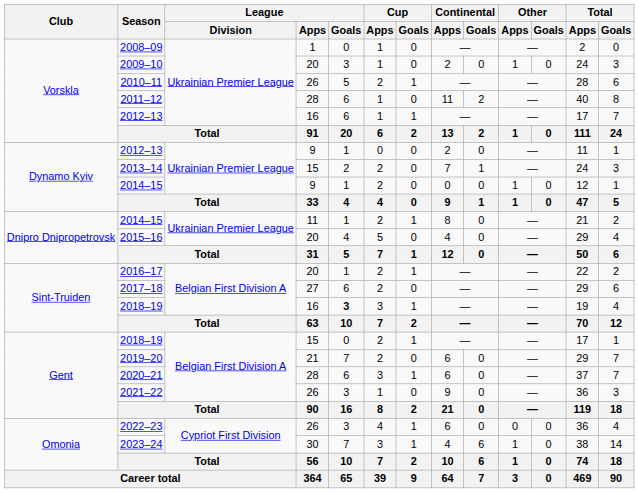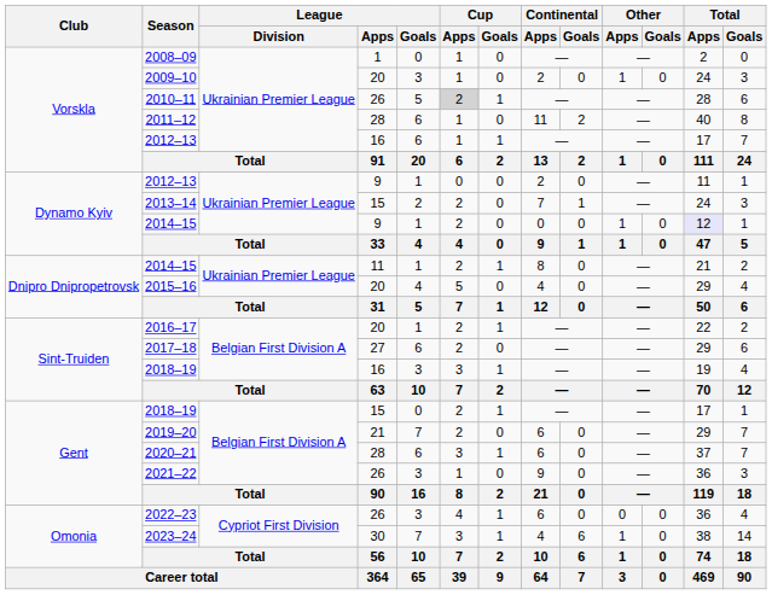 <table class="wikitable" style="text-align: center">
 <tr>
 <th rowspan="2">Club</th>
 <th rowspan="2">Season</th>
 <th colspan="3">League</th>
 <th colspan="2">Cup</th>
 <th colspan="2">Continental</th>
 <th colspan="2">Other</th>
 <th colspan="2">Total</th>
 </tr>
 <tr>
 <th>Division</th>
 <th>Apps</th>
 <th>Goals</th>
 <th>Apps</th>
 <th>Goals</th>
 <th>Apps</th>
 <th>Goals</th>
 <th>Apps</th>
 <th>Goals</th>
 <th>Apps</th>
 <th>Goals</th>
 </tr>
 <tr>
 <td rowspan="6"><a href='#'>Vorskla</a></td>
 <td><a href='#'>2008–09</a></td>
 <td rowspan="5"><a href='#'>Ukrainian Premier League</a></td>
 <td>1</td>
 <td>0</td>
 <td>1</td>
 <td>0</td>
 <td colspan=2>—</td>
 <td colspan=2>—</td>
 <td>2</td>
 <td>0</td>
 </tr>
 <tr>
 <td><a href='#'>2009–10</a></td>
 <td>20</td>
 <td>3</td>
 <td>1</td>
 <td>0</td>
 <td>2</td>
 <td>0</td>
 <td>1</td>
 <td>0</td>
 <td>24</td>
 <td>3</td>
 </tr>
 <tr>
 <td><a href='#'>2010–11</a></td>
 <td>26</td>
 <td>5</td>
-<td>2</td>
+<td style="background: lightgrey;">2</td>
 <td>1</td>
 <td colspan=2>—</td>
 <td colspan=2>—</td>
 <td>28</td>
 <td>6</td>
 </tr>
 <tr>
 <td><a href='#'>2011–12</a></td>
 <td>28</td>
 <td>6</td>
 <td>1</td>
 <td>0</td>
 <td>11</td>
 <td>2</td>
 <td colspan=2>—</td>
 <td>40</td>
 <td>8</td>
 </tr>
 <tr>
 <td><a href='#'>2012–13</a></td>
 <td>16</td>
 <td>6</td>
 <td>1</td>
 <td>1</td>
 <td colspan=2>—</td>
 <td colspan=2>—</td>
 <td>17</td>
 <td>7</td>
 </tr>
 <tr>
 <th colspan="2">Total</th>
 <th>91</th>
 <th>20</th>
 <th>6</th>
 <th>2</th>
 <th>13</th>
 <th>2</th>
 <th>1</th>
 <th>0</th>
 <th>111</th>
 <th>24</th>
 </tr>
 <tr>
 <td rowspan="4"><a href='#'>Dynamo Kyiv</a></td>
 <td><a href='#'>2012–13</a></td>
 <td rowspan="3"><a href='#'>Ukrainian Premier League</a></td>
 <td>9</td>
 <td>1</td>
 <td>0</td>
 <td>0</td>
 <td>2</td>
 <td>0</td>
 <td colspan=2>—</td>
 <td>11</td>
 <td>1</td>
 </tr>
 <tr>
 <td><a href='#'>2013–14</a></td>
 <td>15</td>
 <td>2</td>
 <td>2</td>
 <td>0</td>
 <td>7</td>
 <td>1</td>
 <td colspan=2>—</td>
 <td>24</td>
 <td>3</td>
 </tr>
 <tr>
 <td><a href='#'>2014–15</a></td>
 <td>9</td>
 <td>1</td>
 <td>2</td>
 <td>0</td>
 <td>0</td>
 <td>0</td>
 <td>1</td>
 <td>0</td>
-<td>12</td>
+<td style="background: lavender;">12</td>
 <td>1</td>
 </tr>
 <tr>
 <th colspan="2">Total</th>
 <th>33</th>
 <th>4</th>
 <th>4</th>
 <th>0</th>
 <th>9</th>
 <th>1</th>
 <th>1</th>
 <th>0</th>
 <th>47</th>
 <th>5</th>
 </tr>
 <tr>
 <td rowspan="3"><a href='#'>Dnipro Dnipropetrovsk</a></td>
 <td><a href='#'>2014–15</a></td>
 <td rowspan="2"><a href='#'>Ukrainian Premier League</a></td>
 <td>11</td>
 <td>1</td>
 <td>2</td>
 <td>1</td>
 <td>8</td>
 <td>0</td>
 <td colspan=2>—</td>
 <td>21</td>
 <td>2</td>
 </tr>
 <tr>
 <td><a href='#'>2015–16</a></td>
 <td>20</td>
 <td>4</td>
 <td>5</td>
 <td>0</td>
 <td>4</td>
 <td>0</td>
 <td colspan=2>—</td>
 <td>29</td>
 <td>4</td>
 </tr>
 <tr>
 <th colspan="2">Total</th>
 <th>31</th>
 <th>5</th>
 <th>7</th>
 <th>1</th>
 <th>12</th>
 <th>0</th>
 <th colspan=2>—</th>
 <th>50</th>
 <th>6</th>
 </tr>
 <tr>
 <td rowspan="4"><a href='#'>Sint-Truiden</a></td>
 <td><a href='#'>2016–17</a></td>
 <td rowspan="3"><a href='#'>Belgian First Division A</a></td>
 <td>20</td>
 <td>1</td>
 <td>2</td>
 <td>1</td>
 <td colspan=2>—</td>
 <td colspan=2>—</td>
 <td>22</td>
 <td>2</td>
 </tr>
 <tr>
 <td><a href='#'>2017–18</a></td>
 <td>27</td>
 <td>6</td>
 <td>2</td>
 <td>0</td>
 <td colspan=2>—</td>
 <td colspan=2>—</td>
 <td>29</td>
 <td>6</td>
 </tr>
 <tr>
 <td><a href='#'>2018–19</a></td>
 <td>16</td>
-<td><strong>3</strong></td>
+<td>3</td>
 <td>3</td>
 <td>1</td>
 <td colspan=2>—</td>
 <td colspan=2>—</td>
 <td>19</td>
 <td>4</td>
 </tr>
 <tr>
 <th colspan="2">Total</th>
 <th>63</th>
 <th>10</th>
 <th>7</th>
 <th>2</th>
 <th colspan=2>—</th>
 <th colspan=2>—</th>
 <th>70</th>
 <th>12</th>
 </tr>
 <tr>
 <td rowspan="5"><a href='#'>Gent</a></td>
 <td><a href='#'>2018–19</a></td>
 <td rowspan="4"><a href='#'>Belgian First Division A</a></td>
 <td>15</td>
 <td>0</td>
 <td>2</td>
 <td>1</td>
 <td colspan=2>—</td>
 <td colspan=2>—</td>
 <td>17</td>
 <td>1</td>
 </tr>
 <tr>
 <td><a href='#'>2019–20</a></td>
 <td>21</td>
 <td>7</td>
 <td>2</td>
 <td>0</td>
 <td>6</td>
 <td>0</td>
 <td colspan=2>—</td>
 <td>29</td>
 <td>7</td>
 </tr>
 <tr>
 <td><a href='#'>2020–21</a></td>
 <td>28</td>
 <td>6</td>
 <td>3</td>
 <td>1</td>
 <td>6</td>
 <td>0</td>
 <td colspan=2>—</td>
 <td>37</td>
 <td>7</td>
 </tr>
 <tr>
 <td><a href='#'>2021–22</a></td>
 <td>26</td>
 <td>3</td>
 <td>1</td>
 <td>0</td>
 <td>9</td>
 <td>0</td>
 <td colspan=2>—</td>
 <td>36</td>
 <td>3</td>
 </tr>
 <tr>
 <th colspan="2">Total</th>
 <th>90</th>
 <th>16</th>
 <th>8</th>
 <th>2</th>
 <th>21</th>
 <th>0</th>
 <th colspan=2>—</th>
 <th>119</th>
 <th>18</th>
 </tr>
 <tr>
 <td rowspan="3"><a href='#'>Omonia</a></td>
 <td><a href='#'>2022–23</a></td>
 <td rowspan="2"><a href='#'>Cypriot First Division</a></td>
 <td>26</td>
 <td>3</td>
 <td>4</td>
 <td>1</td>
 <td>6</td>
 <td>0</td>
 <td>0</td>
 <td>0</td>
 <td>36</td>
 <td>4</td>
 </tr>
 <tr>
 <td><a href='#'>2023–24</a></td>
 <td>30</td>
 <td>7</td>
 <td>3</td>
 <td>1</td>
 <td>4</td>
 <td>6</td>
 <td>1</td>
 <td>0</td>
 <td>38</td>
 <td>14</td>
 </tr>
 <tr>
 <th colspan="2">Total</th>
 <th>56</th>
 <th>10</th>
 <th>7</th>
 <th>2</th>
 <th>10</th>
 <th>6</th>
 <th>1</th>
 <th>0</th>
 <th>74</th>
 <th>18</th>
 </tr>
 <tr>
 <th colspan="3">Career total</th>
 <th>364</th>
 <th>65</th>
 <th>39</th>
 <th>9</th>
 <th>64</th>
 <th>7</th>
 <th>3</th>
 <th>0</th>
 <th>469</th>
 <th>90</th>
 </tr>
 </table>
